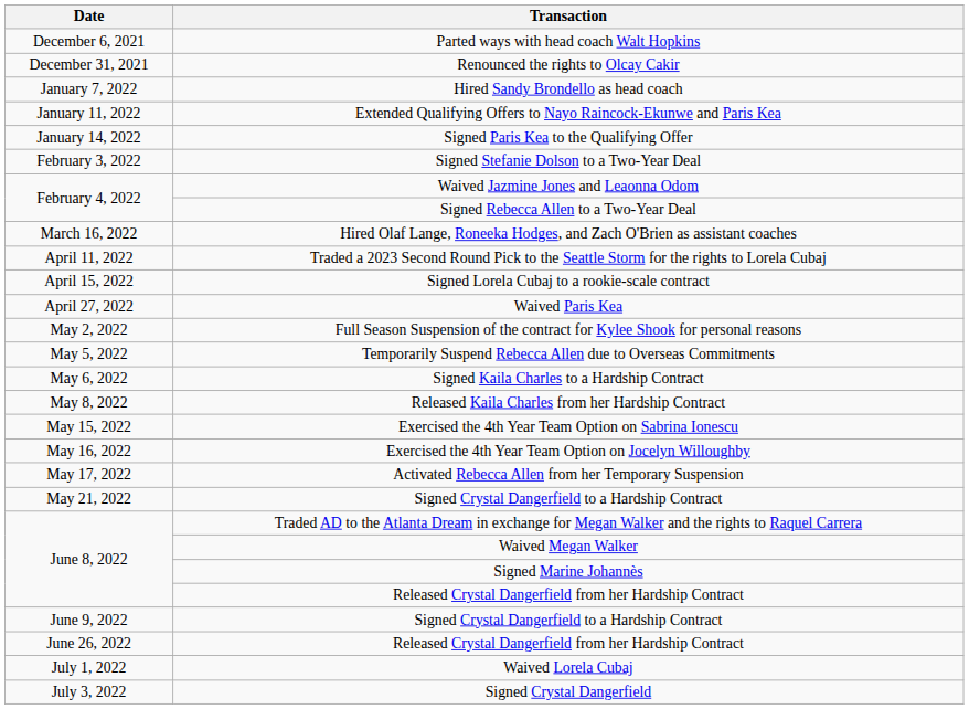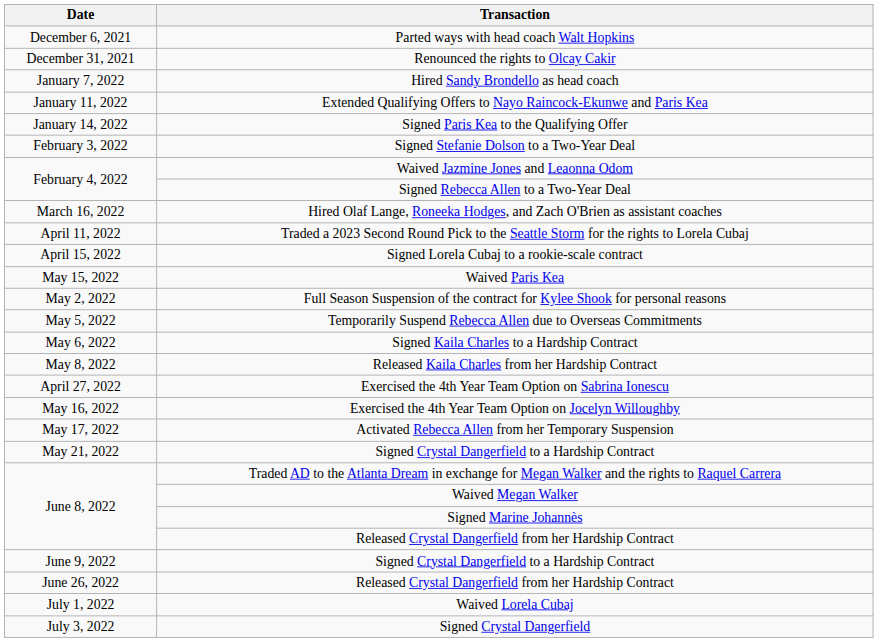 <table class="wikitable" style="width:80%; text-align:center">
 <tr>
 <th>Date</th>
 <th>Transaction</th>
 </tr>
 <tr>
 <td>December 6, 2021</td>
 <td>Parted ways with head coach <a href='#'>Walt Hopkins</a></td>
 </tr>
 <tr>
 <td>December 31, 2021</td>
 <td>Renounced the rights to <a href='#'>Olcay Cakir</a></td>
 </tr>
 <tr>
 <td>January 7, 2022</td>
 <td>Hired <a href='#'>Sandy Brondello</a> as head coach </td>
 </tr>
 <tr>
 <td>January 11, 2022</td>
 <td>Extended Qualifying Offers to <a href='#'>Nayo Raincock-Ekunwe</a> and <a href='#'>Paris Kea</a></td>
 </tr>
 <tr>
 <td>January 14, 2022</td>
 <td>Signed <a href='#'>Paris Kea</a> to the Qualifying Offer</td>
 </tr>
 <tr>
 <td>February 3, 2022</td>
 <td>Signed <a href='#'>Stefanie Dolson</a> to a Two-Year Deal</td>
 </tr>
 <tr>
 <td rowspan=2>February 4, 2022</td>
 <td>Waived <a href='#'>Jazmine Jones</a> and <a href='#'>Leaonna Odom</a></td>
 </tr>
 <tr>
 <td>Signed <a href='#'>Rebecca Allen</a> to a Two-Year Deal</td>
 </tr>
 <tr>
 <td>March 16, 2022</td>
 <td>Hired Olaf Lange, <a href='#'>Roneeka Hodges</a>, and Zach O'Brien as assistant coaches</td>
 </tr>
 <tr>
 <td>April 11, 2022</td>
 <td>Traded a 2023 Second Round Pick to the <a href='#'>Seattle Storm</a> for the rights to Lorela Cubaj</td>
 </tr>
 <tr>
 <td>April 15, 2022</td>
 <td>Signed Lorela Cubaj to a rookie-scale contract</td>
 </tr>
 <tr>
-<td>April 27, 2022</td>
+<td>May 15, 2022</td>
 <td>Waived <a href='#'>Paris Kea</a></td>
 </tr>
 <tr>
 <td>May 2, 2022</td>
 <td>Full Season Suspension of the contract for <a href='#'>Kylee Shook</a> for personal reasons</td>
 </tr>
 <tr>
 <td>May 5, 2022</td>
 <td>Temporarily Suspend <a href='#'>Rebecca Allen</a> due to Overseas Commitments</td>
 </tr>
 <tr>
 <td>May 6, 2022</td>
 <td>Signed <a href='#'>Kaila Charles</a> to a Hardship Contract </td>
 </tr>
 <tr>
 <td>May 8, 2022</td>
 <td>Released <a href='#'>Kaila Charles</a> from her Hardship Contract</td>
 </tr>
 <tr>
-<td>May 15, 2022</td>
+<td>April 27, 2022</td>
 <td>Exercised the 4th Year Team Option on <a href='#'>Sabrina Ionescu</a></td>
 </tr>
 <tr>
 <td>May 16, 2022</td>
 <td>Exercised the 4th Year Team Option on <a href='#'>Jocelyn Willoughby</a></td>
 </tr>
 <tr>
 <td>May 17, 2022</td>
 <td>Activated <a href='#'>Rebecca Allen</a> from her Temporary Suspension</td>
 </tr>
 <tr>
 <td>May 21, 2022</td>
 <td>Signed <a href='#'>Crystal Dangerfield</a> to a Hardship Contract</td>
 </tr>
 <tr>
 <td rowspan=4>June 8, 2022</td>
 <td>Traded <a href='#'>AD</a> to the <a href='#'>Atlanta Dream</a> in exchange for <a href='#'>Megan Walker</a> and the rights to <a href='#'>Raquel Carrera</a></td>
 </tr>
 <tr>
 <td>Waived <a href='#'>Megan Walker</a></td>
 </tr>
 <tr>
 <td>Signed <a href='#'>Marine Johannès</a></td>
 </tr>
 <tr>
 <td>Released <a href='#'>Crystal Dangerfield</a> from her Hardship Contract</td>
 </tr>
 <tr>
 <td>June 9, 2022</td>
 <td>Signed <a href='#'>Crystal Dangerfield</a> to a Hardship Contract</td>
 </tr>
 <tr>
 <td>June 26, 2022</td>
 <td>Released <a href='#'>Crystal Dangerfield</a> from her Hardship Contract</td>
 </tr>
 <tr>
 <td>July 1, 2022</td>
 <td>Waived <a href='#'>Lorela Cubaj</a></td>
 </tr>
 <tr>
 <td>July 3, 2022</td>
 <td>Signed <a href='#'>Crystal Dangerfield</a></td>
 </tr>
 </table>
